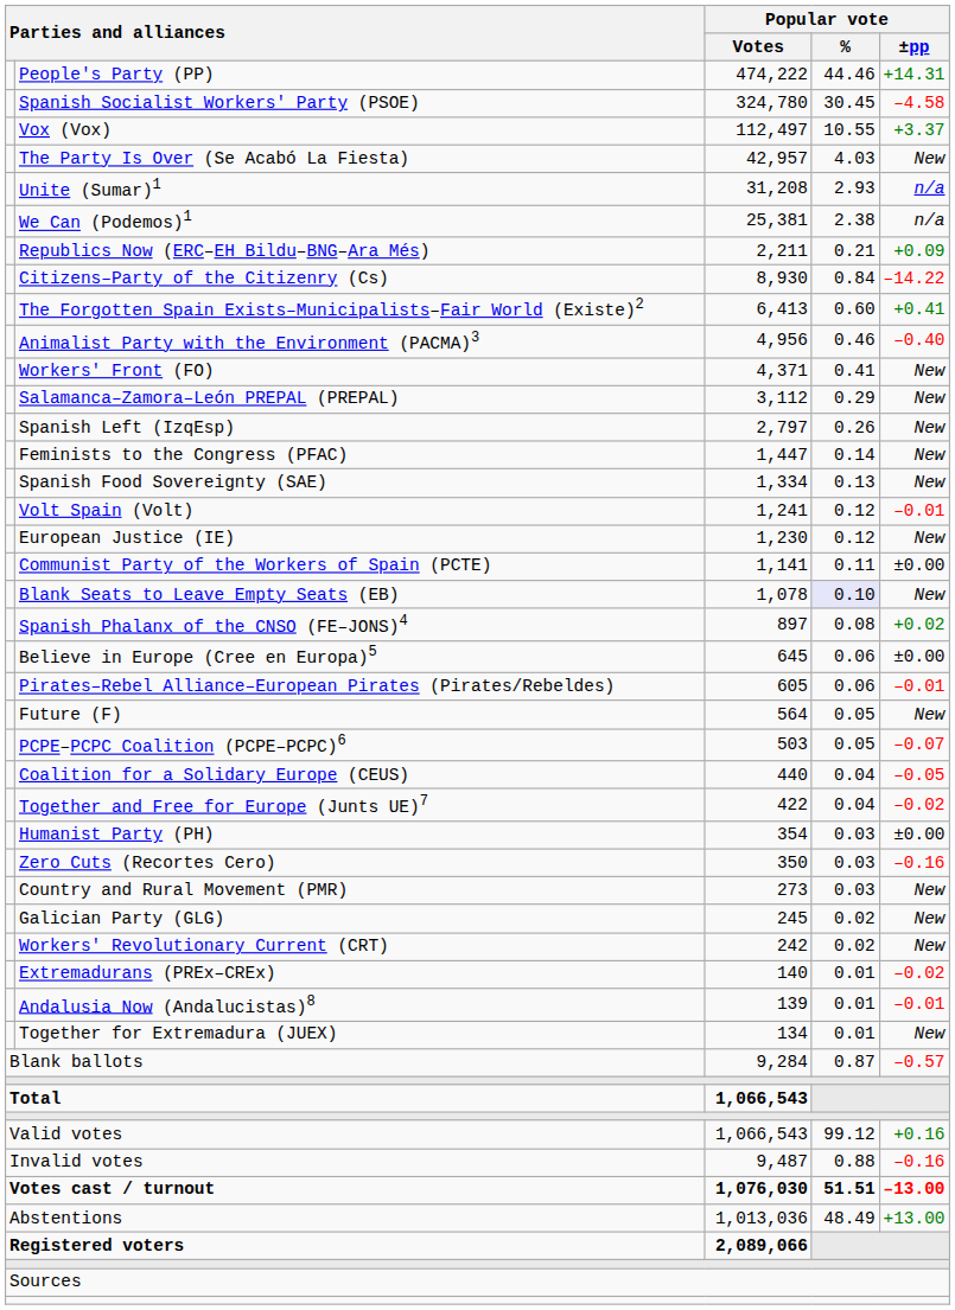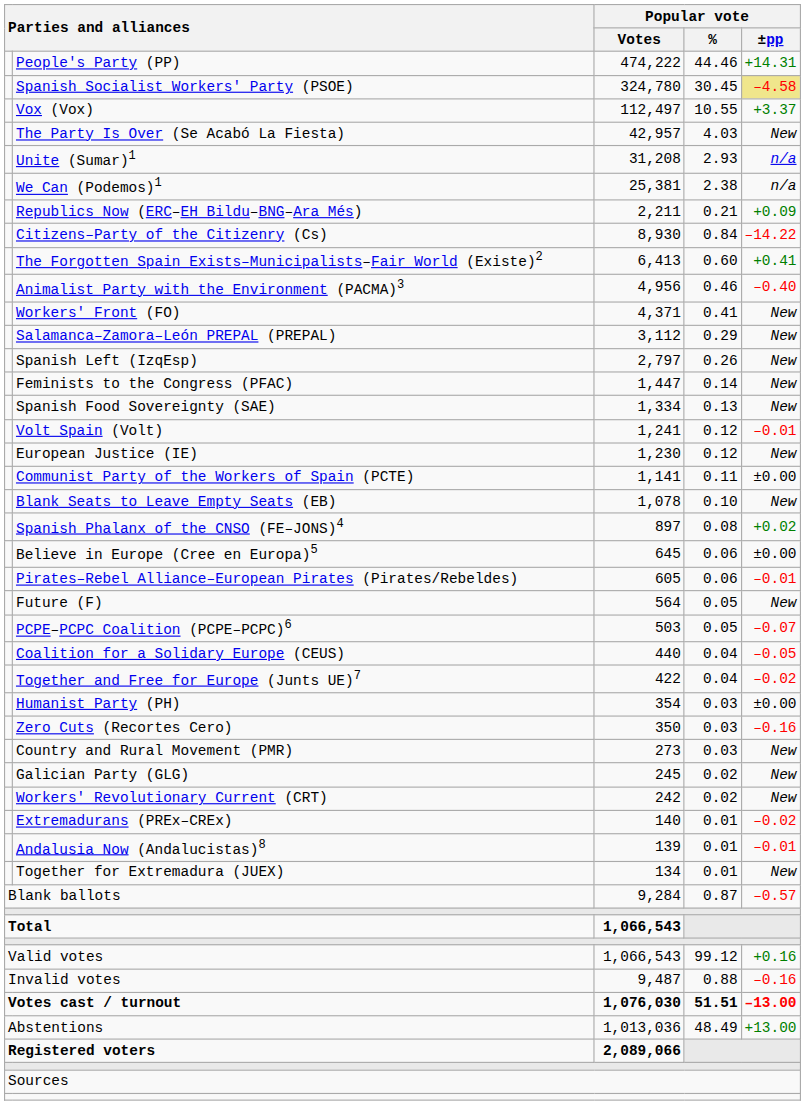 <table class="wikitable" style="text-align:right;">
 <tr>
 <th style="text-align:left;" rowspan="2" colspan="2" width="525">Parties and alliances</th>
 <th colspan="3">Popular vote</th>
 </tr>
 <tr bgcolor="#E9E9E9" align="center">
 <th width="75">Votes</th>
 <th width="45">%</th>
 <th width="45">±<a href='#'>pp</a></th>
 </tr>
 <tr>
 <td width="1" style="color:inherit;background:"></td>
 <td align="left"><a href='#'>People's Party</a> (PP)</td>
 <td>474,222</td>
 <td>44.46</td>
 <td style="color:green;">+14.31</td>
 </tr>
 <tr>
 <td style="color:inherit;background:"></td>
 <td align="left"><a href='#'>Spanish Socialist Workers' Party</a> (PSOE)</td>
 <td>324,780</td>
 <td>30.45</td>
-<td style="color:red;">–4.58</td>
+<td style="background: khaki; color:red;">–4.58</td>
 </tr>
 <tr>
 <td style="color:inherit;background:"></td>
 <td align="left"><a href='#'>Vox</a> (Vox)</td>
 <td>112,497</td>
 <td>10.55</td>
 <td style="color:green;">+3.37</td>
 </tr>
 <tr>
 <td style="color:inherit;background:"></td>
 <td align="left"><a href='#'>The Party Is Over</a> (Se Acabó La Fiesta)</td>
 <td>42,957</td>
 <td>4.03</td>
 <td><em>New</em></td>
 </tr>
 <tr>
 <td style="color:inherit;background:"></td>
 <td align="left"><a href='#'>Unite</a> (Sumar)<sup>1</sup></td>
 <td>31,208</td>
 <td>2.93</td>
 <td><em><a href='#'>n/a</a></em></td>
 </tr>
 <tr>
 <td style="color:inherit;background:"></td>
 <td align="left"><a href='#'>We Can</a> (Podemos)<sup>1</sup></td>
 <td>25,381</td>
 <td>2.38</td>
 <td><em>n/a</em></td>
 </tr>
 <tr>
 <td style="color:inherit;background:"></td>
 <td align="left"><a href='#'>Republics Now</a> (<a href='#'>ERC</a>–<a href='#'>EH Bildu</a>–<a href='#'>BNG</a>–<a href='#'>Ara Més</a>)</td>
 <td>2,211</td>
 <td>0.21</td>
 <td style="color:green;">+0.09</td>
 </tr>
 <tr>
 <td style="color:inherit;background:"></td>
 <td align="left"><a href='#'>Citizens–Party of the Citizenry</a> (Cs)</td>
 <td>8,930</td>
 <td>0.84</td>
 <td style="color:red;">–14.22</td>
 </tr>
 <tr>
 <td style="color:inherit;background:"></td>
 <td align="left"><a href='#'>The Forgotten Spain Exists–Municipalists</a>–<a href='#'>Fair World</a> (Existe)<sup>2</sup></td>
 <td>6,413</td>
 <td>0.60</td>
 <td style="color:green;">+0.41</td>
 </tr>
 <tr>
 <td style="color:inherit;background:"></td>
 <td align="left"><a href='#'>Animalist Party with the Environment</a> (PACMA)<sup>3</sup></td>
 <td>4,956</td>
 <td>0.46</td>
 <td style="color:red;">–0.40</td>
 </tr>
 <tr>
 <td style="color:inherit;background:"></td>
 <td align="left"><a href='#'>Workers' Front</a> (FO)</td>
 <td>4,371</td>
 <td>0.41</td>
 <td><em>New</em></td>
 </tr>
 <tr>
 <td style="color:inherit;background:"></td>
 <td align="left"><a href='#'>Salamanca–Zamora–León PREPAL</a> (PREPAL)</td>
 <td>3,112</td>
 <td>0.29</td>
 <td><em>New</em></td>
 </tr>
 <tr>
 <td style="color:inherit;background:"></td>
 <td align="left">Spanish Left (IzqEsp)</td>
 <td>2,797</td>
 <td>0.26</td>
 <td><em>New</em></td>
 </tr>
 <tr>
 <td style="color:inherit;background:"></td>
 <td align="left">Feminists to the Congress (PFAC)</td>
 <td>1,447</td>
 <td>0.14</td>
 <td><em>New</em></td>
 </tr>
 <tr>
 <td style="color:inherit;background:"></td>
 <td align="left">Spanish Food Sovereignty (SAE)</td>
 <td>1,334</td>
 <td>0.13</td>
 <td><em>New</em></td>
 </tr>
 <tr>
 <td style="color:inherit;background:"></td>
 <td align="left"><a href='#'>Volt Spain</a> (Volt)</td>
 <td>1,241</td>
 <td>0.12</td>
 <td style="color:red;">–0.01</td>
 </tr>
 <tr>
 <td style="color:inherit;background:"></td>
 <td align="left">European Justice (IE)</td>
 <td>1,230</td>
 <td>0.12</td>
 <td><em>New</em></td>
 </tr>
 <tr>
 <td style="color:inherit;background:"></td>
 <td align="left"><a href='#'>Communist Party of the Workers of Spain</a> (PCTE)</td>
 <td>1,141</td>
 <td>0.11</td>
 <td>±0.00</td>
 </tr>
 <tr>
 <td style="color:inherit;background:"></td>
 <td align="left"><a href='#'>Blank Seats to Leave Empty Seats</a> (EB)</td>
 <td>1,078</td>
-<td style="background: lavender;">0.10</td>
+<td>0.10</td>
 <td><em>New</em></td>
 </tr>
 <tr>
 <td style="color:inherit;background:"></td>
 <td align="left"><a href='#'>Spanish Phalanx of the CNSO</a> (FE–JONS)<sup>4</sup></td>
 <td>897</td>
 <td>0.08</td>
 <td style="color:green;">+0.02</td>
 </tr>
 <tr>
 <td style="color:inherit;background:"></td>
 <td align="left">Believe in Europe (Cree en Europa)<sup>5</sup></td>
 <td>645</td>
 <td>0.06</td>
 <td>±0.00</td>
 </tr>
 <tr>
 <td style="color:inherit;background:"></td>
 <td align="left"><a href='#'>Pirates–Rebel Alliance–European Pirates</a> (Pirates/Rebeldes)</td>
 <td>605</td>
 <td>0.06</td>
 <td style="color:red;">–0.01</td>
 </tr>
 <tr>
 <td style="color:inherit;background:"></td>
 <td align="left">Future (F)</td>
 <td>564</td>
 <td>0.05</td>
 <td><em>New</em></td>
 </tr>
 <tr>
 <td style="color:inherit;background:"></td>
 <td align="left"><a href='#'>PCPE</a>–<a href='#'>PCPC Coalition</a> (PCPE–PCPC)<sup>6</sup></td>
 <td>503</td>
 <td>0.05</td>
 <td style="color:red;">–0.07</td>
 </tr>
 <tr>
 <td style="color:inherit;background:"></td>
 <td align="left"><a href='#'>Coalition for a Solidary Europe</a> (CEUS)</td>
 <td>440</td>
 <td>0.04</td>
 <td style="color:red;">–0.05</td>
 </tr>
 <tr>
 <td style="color:inherit;background:"></td>
 <td align="left"><a href='#'>Together and Free for Europe</a> (Junts UE)<sup>7</sup></td>
 <td>422</td>
 <td>0.04</td>
 <td style="color:red;">–0.02</td>
 </tr>
 <tr>
 <td style="color:inherit;background:"></td>
 <td align="left"><a href='#'>Humanist Party</a> (PH)</td>
 <td>354</td>
 <td>0.03</td>
 <td>±0.00</td>
 </tr>
 <tr>
 <td style="color:inherit;background:"></td>
 <td align="left"><a href='#'>Zero Cuts</a> (Recortes Cero)</td>
 <td>350</td>
 <td>0.03</td>
 <td style="color:red;">–0.16</td>
 </tr>
 <tr>
 <td style="color:inherit;background:"></td>
 <td align="left">Country and Rural Movement (PMR)</td>
 <td>273</td>
 <td>0.03</td>
 <td><em>New</em></td>
 </tr>
 <tr>
 <td style="color:inherit;background:"></td>
 <td align="left">Galician Party (GLG)</td>
 <td>245</td>
 <td>0.02</td>
 <td><em>New</em></td>
 </tr>
 <tr>
 <td style="color:inherit;background:"></td>
 <td align="left"><a href='#'>Workers' Revolutionary Current</a> (CRT)</td>
 <td>242</td>
 <td>0.02</td>
 <td><em>New</em></td>
 </tr>
 <tr>
 <td style="color:inherit;background:"></td>
 <td align="left"><a href='#'>Extremadurans</a> (PREx–CREx)</td>
 <td>140</td>
 <td>0.01</td>
 <td style="color:red;">–0.02</td>
 </tr>
 <tr>
 <td style="color:inherit;background:"></td>
 <td align="left"><a href='#'>Andalusia Now</a> (Andalucistas)<sup>8</sup></td>
 <td>139</td>
 <td>0.01</td>
 <td style="color:red;">–0.01</td>
 </tr>
 <tr>
 <td style="color:inherit;background:"></td>
 <td align="left">Together for Extremadura (JUEX)</td>
 <td>134</td>
 <td>0.01</td>
 <td><em>New</em></td>
 </tr>
 <tr>
 <td align="left" colspan="2">Blank ballots</td>
 <td>9,284</td>
 <td>0.87</td>
 <td style="color:red;">–0.57</td>
 </tr>
 <tr>
 <td colspan="5" bgcolor="#E9E9E9"></td>
 </tr>
 <tr style="font-weight:bold;">
 <td align="left" colspan="2">Total</td>
 <td>1,066,543</td>
 <td bgcolor="#E9E9E9" colspan="2"></td>
 </tr>
 <tr>
 <td colspan="5" bgcolor="#E9E9E9"></td>
 </tr>
 <tr>
 <td align="left" colspan="2">Valid votes</td>
 <td>1,066,543</td>
 <td>99.12</td>
 <td style="color:green;">+0.16</td>
 </tr>
 <tr>
 <td align="left" colspan="2">Invalid votes</td>
 <td>9,487</td>
 <td>0.88</td>
 <td style="color:red;">–0.16</td>
 </tr>
 <tr style="font-weight:bold;">
 <td align="left" colspan="2">Votes cast / turnout</td>
 <td>1,076,030</td>
 <td>51.51</td>
 <td style="color:red;">–13.00</td>
 </tr>
 <tr>
 <td align="left" colspan="2">Abstentions</td>
 <td>1,013,036</td>
 <td>48.49</td>
 <td style="color:green;">+13.00</td>
 </tr>
 <tr style="font-weight:bold;">
 <td align="left" colspan="2">Registered voters</td>
 <td>2,089,066</td>
 <td bgcolor="#E9E9E9" colspan="2"></td>
 </tr>
 <tr>
 <td colspan="5" bgcolor="#E9E9E9"></td>
 </tr>
 <tr>
 <td align="left" colspan="5">Sources</td>
 </tr>
 <tr>
 <td colspan="5" style="text-align:left; max-width:790px;"></td>
 </tr>
 </table>
